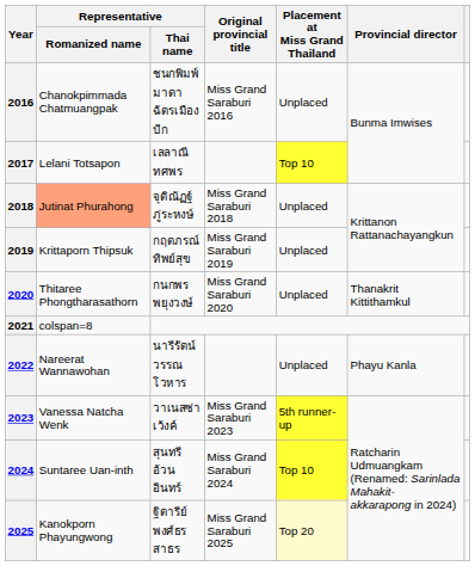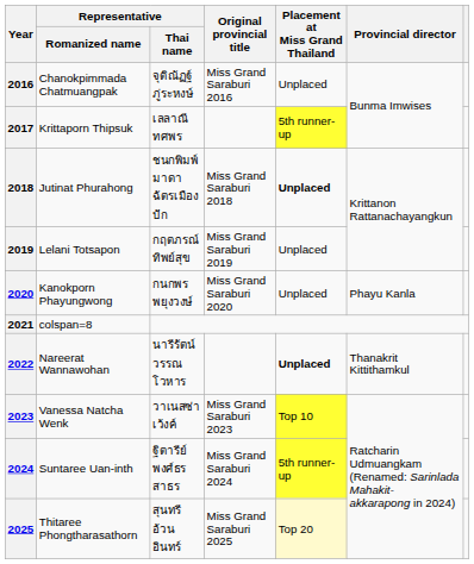 <table class="wikitable defaultcenter col2left col3left col6left" style="font-size:95%;">
 <tr>
 <th rowspan=2>Year</th>
 <th colspan=2>Representative</th>
 <th rowspan=2>Original provincial title</th>
 <th rowspan=2>Placement at<br>Miss Grand Thailand</th>
 <th rowspan=2>Provincial director</th>
 <th rowspan=2></th>
 </tr>
 <tr>
 <th>Romanized name</th>
 <th>Thai name</th>
 </tr>
 <tr>
 <th>2016</th>
 <td>Chanokpimmada Chatmuangpak</td>
-<td>ชนกพิมพ์มาดา ฉัตรเมืองปัก</td>
+<td>จุติณัฏฐ์ ภู่ระหงษ์</td>
 <td>Miss Grand Saraburi 2016</td>
 <td>Unplaced</td>
 <td rowspan=2>Bunma Imwises</td>
 <td></td>
 </tr>
 <tr>
 <th>2017</th>
-<td>Lelani Totsapon</td>
+<td>Krittaporn Thipsuk</td>
 <td>เลลาณี ทศพร</td>
 <td></td>
-<td bgcolor=#FFFF33>Top 10</td>
+<td bgcolor=#FFFF33>5th runner-up</td>
 <td></td>
 </tr>
 <tr>
 <th>2018</th>
-<td style="background: lightsalmon;">Jutinat Phurahong</td>
-<td>จุติณัฏฐ์ ภู่ระหงษ์</td>
+<td>Jutinat Phurahong</td>
+<td>ชนกพิมพ์มาดา ฉัตรเมืองปัก</td>
 <td>Miss Grand Saraburi 2018</td>
-<td>Unplaced</td>
+<td><strong>Unplaced</strong></td>
 <td rowspan=2>Krittanon Rattanachayangkun</td>
 <td></td>
 </tr>
 <tr>
 <th>2019</th>
-<td>Krittaporn Thipsuk</td>
+<td>Lelani Totsapon</td>
 <td>กฤตภรณ์ ทิพย์สุข</td>
 <td>Miss Grand Saraburi 2019</td>
 <td>Unplaced</td>
 <td></td>
 </tr>
 <tr>
 <th><a href='#'>2020</a></th>
-<td>Thitaree Phongtharasathorn</td>
+<td>Kanokporn Phayungwong</td>
 <td>กนกพร พยุงวงษ์</td>
 <td>Miss Grand Saraburi 2020</td>
 <td>Unplaced</td>
-<td>Thanakrit Kittithamkul</td>
+<td>Phayu Kanla</td>
 <td></td>
 </tr>
 <tr>
 <th>2021</th>
 <td>colspan=8 </td>
 </tr>
 <tr>
 <th><a href='#'>2022</a></th>
 <td>Nareerat Wannawohan</td>
 <td>นารีรัตน์ วรรณโวหาร</td>
 <td></td>
-<td>Unplaced</td>
-<td>Phayu Kanla</td>
+<td><strong>Unplaced</strong></td>
+<td>Thanakrit Kittithamkul</td>
 <td></td>
 </tr>
 <tr>
 <th><a href='#'>2023</a></th>
 <td>Vanessa Natcha Wenk</td>
 <td>วาเนสซ่า เว้งค์</td>
 <td>Miss Grand Saraburi 2023</td>
-<td bgcolor=#FFFF33>5th runner-up</td>
+<td bgcolor=#FFFF33>Top 10</td>
 <td rowspan=3>Ratcharin Udmuangkam<br>(Renamed: <em>Sarinlada Mahakit-<br>akkarapong</em> in 2024)</td>
 <td></td>
 </tr>
 <tr>
 <th><a href='#'>2024</a></th>
 <td>Suntaree Uan-inth</td>
-<td>สุนทรี อ้วนอินทร์</td>
+<td>ฐิตารีย์ พงศ์ธรสาธร</td>
 <td>Miss Grand Saraburi 2024</td>
-<td bgcolor=#FFFF33>Top 10</td>
+<td bgcolor=#FFFF33>5th runner-up</td>
 <td></td>
 </tr>
 <tr>
 <th><a href='#'>2025</a></th>
-<td>Kanokporn Phayungwong</td>
-<td>ฐิตารีย์ พงศ์ธรสาธร</td>
+<td>Thitaree Phongtharasathorn</td>
+<td>สุนทรี อ้วนอินทร์</td>
 <td>Miss Grand Saraburi 2025</td>
 <td bgcolor=#FFFACD>Top 20</td>
 </tr>
 </table>
